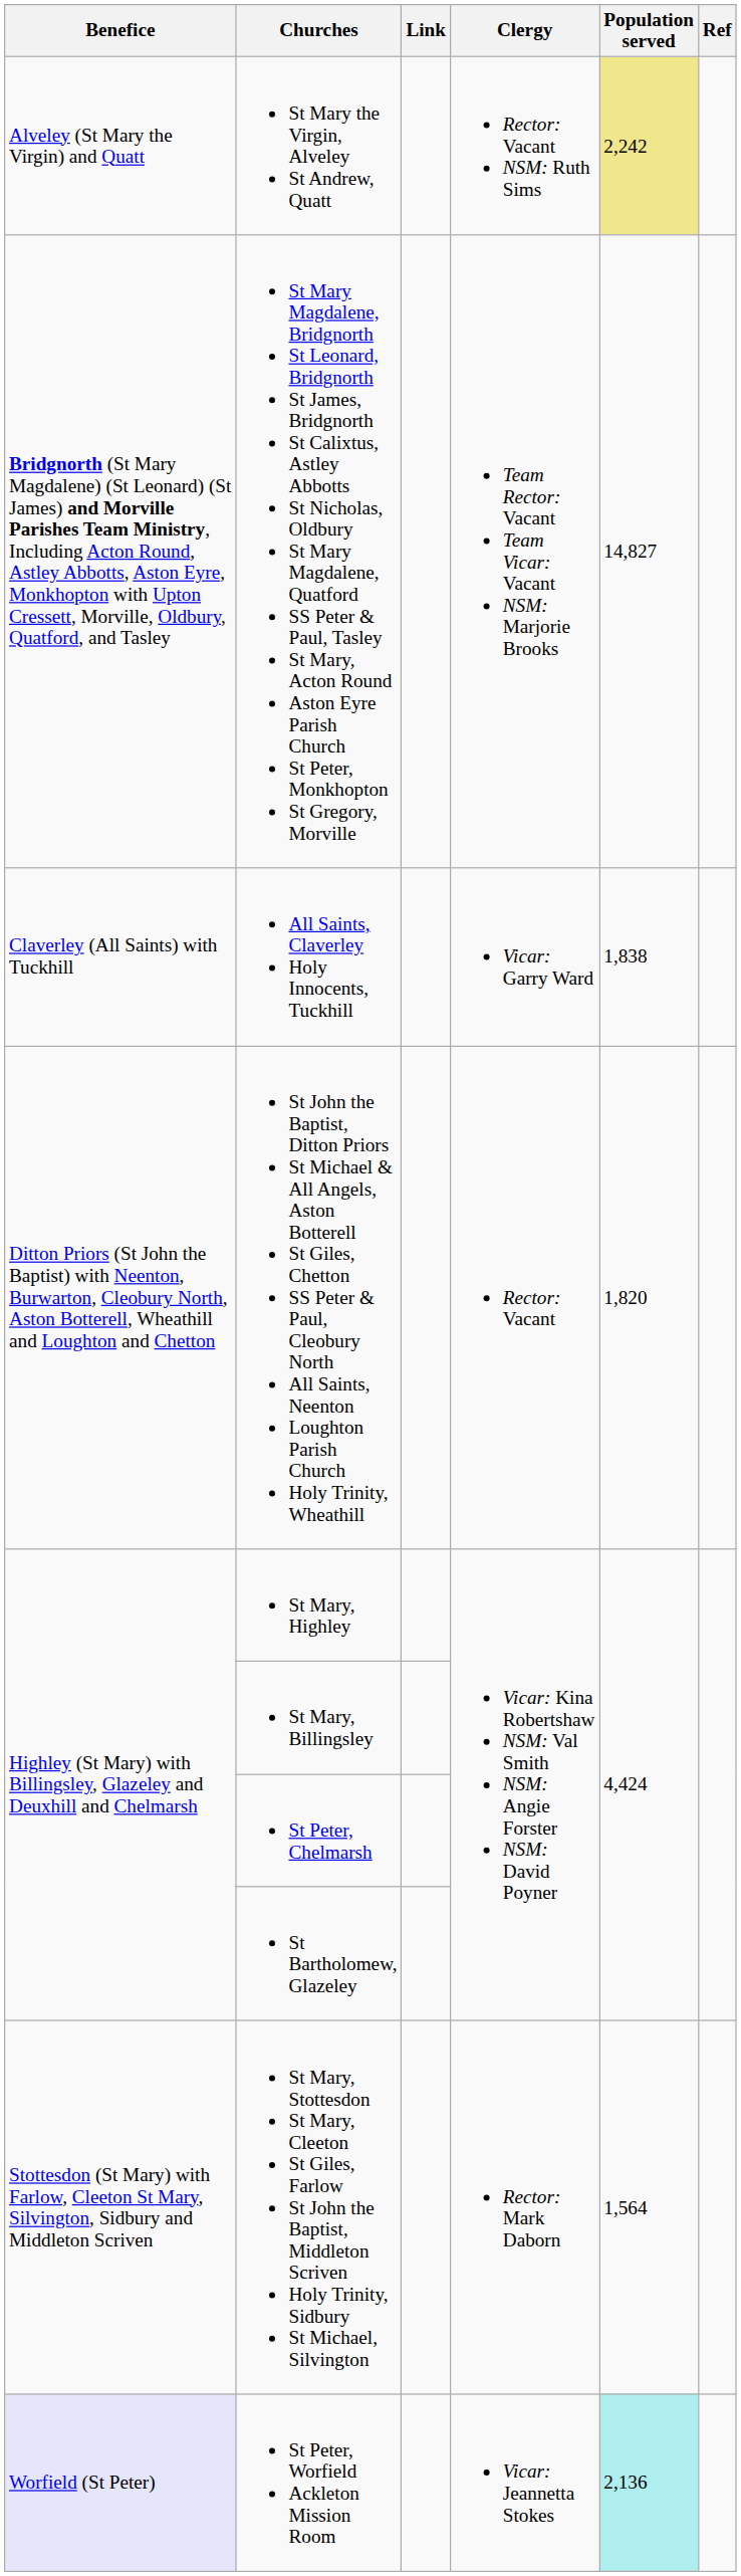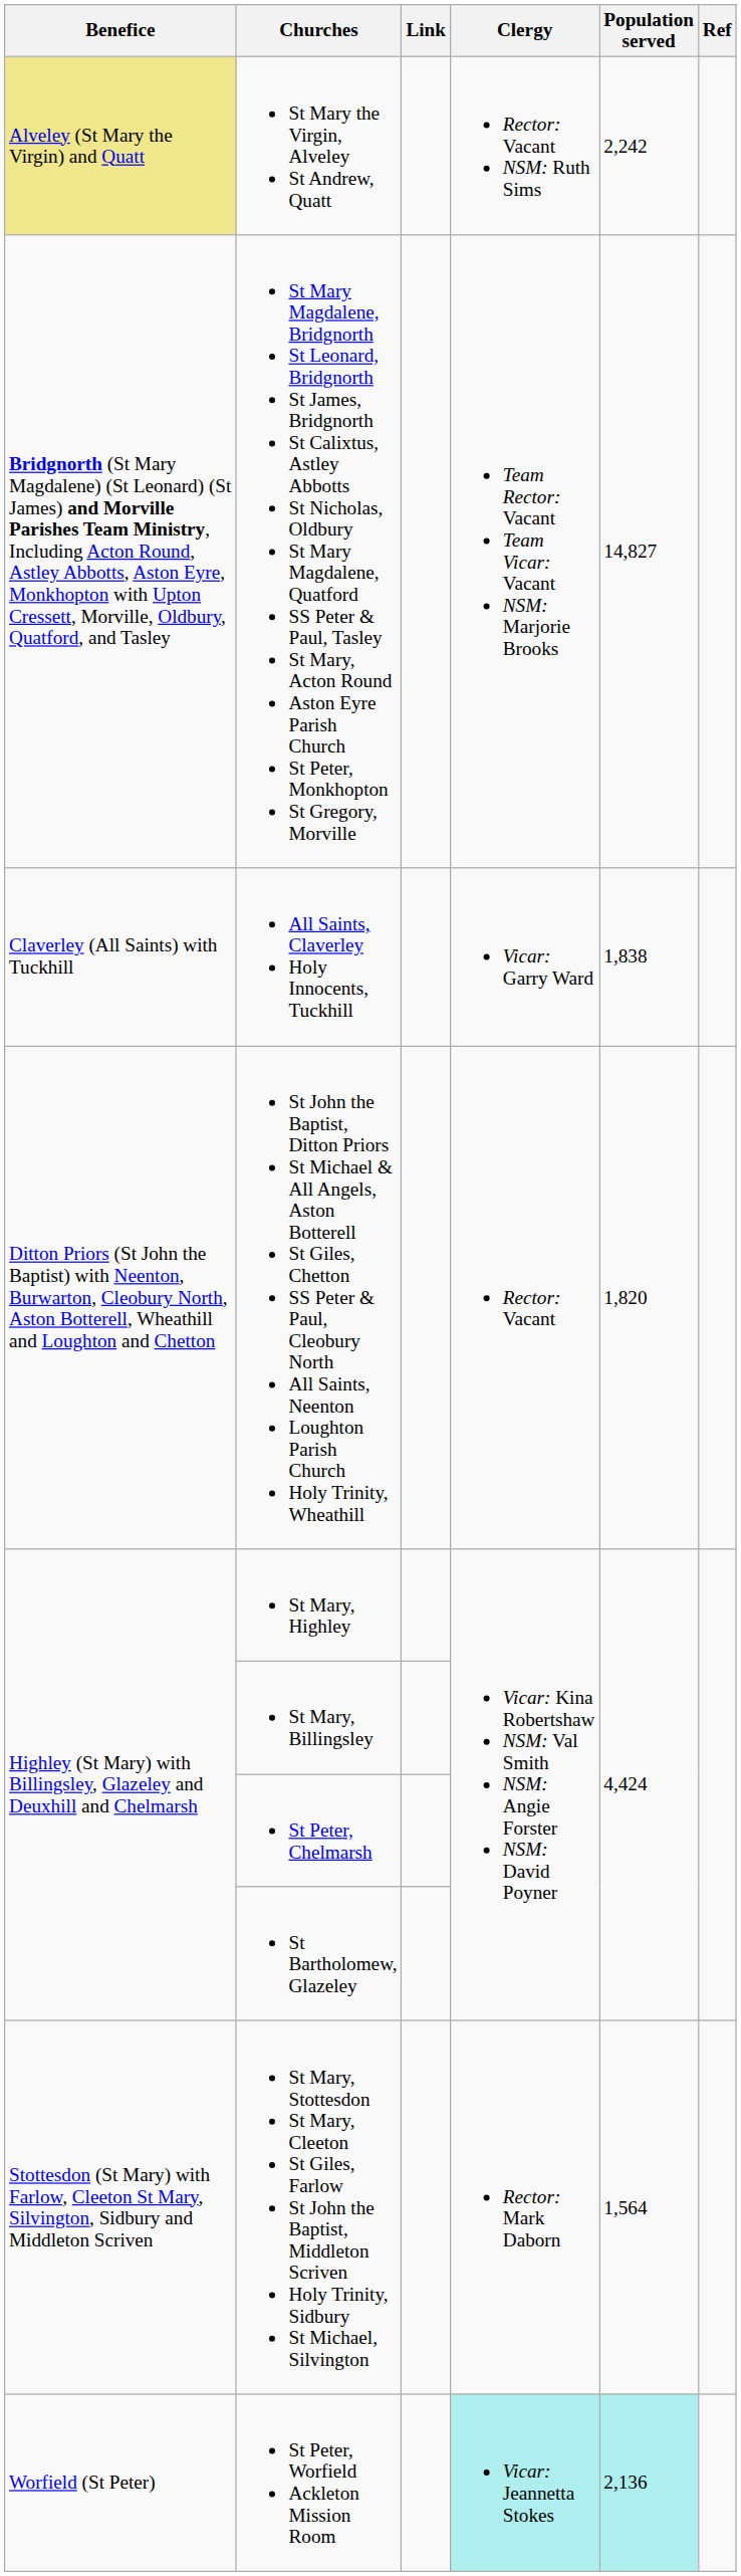 <table class="wikitable">
 <tr>
 <th width="425">Benefice</th>
 <th>Churches</th>
 <th>Link</th>
 <th>Clergy</th>
 <th>Population served</th>
 <th>Ref</th>
 </tr>
 <tr>
-<td><a href='#'>Alveley</a> (St Mary the Virgin) and <a href='#'>Quatt</a></td>
+<td style="background: khaki;"><a href='#'>Alveley</a> (St Mary the Virgin) and <a href='#'>Quatt</a></td>
 <td><br><ul><li>St Mary the Virgin, Alveley</li><li>St Andrew, Quatt</li></ul></td>
 <td></td>
 <td><br><ul><li><em>Rector:</em> Vacant</li><li><em>NSM:</em> Ruth Sims</li></ul></td>
-<td style="background: khaki;">2,242</td>
+<td>2,242</td>
 <td></td>
 </tr>
 <tr>
 <td><strong><a href='#'>Bridgnorth</a></strong> (St Mary Magdalene) (St Leonard) (St James) <strong>and Morville Parishes Team Ministry</strong>, Including <a href='#'>Acton Round</a>, <a href='#'>Astley Abbotts</a>, <a href='#'>Aston Eyre</a>, <a href='#'>Monkhopton</a> with <a href='#'>Upton Cressett</a>, Morville, <a href='#'>Oldbury</a>, <a href='#'>Quatford</a>, and Tasley</td>
 <td><br><ul><li><a href='#'>St Mary Magdalene, Bridgnorth</a></li><li><a href='#'>St Leonard, Bridgnorth</a></li><li>St James, Bridgnorth</li><li>St Calixtus, Astley Abbotts</li><li>St Nicholas, Oldbury</li><li>St Mary Magdalene, Quatford</li><li>SS Peter & Paul, Tasley</li><li>St Mary, Acton Round</li><li>Aston Eyre Parish Church</li><li>St Peter, Monkhopton</li><li>St Gregory, Morville</li></ul></td>
 <td></td>
 <td><br><ul><li><em>Team Rector:</em> Vacant</li><li><em>Team Vicar:</em> Vacant</li><li><em>NSM:</em> Marjorie Brooks</li></ul></td>
 <td>14,827</td>
 <td></td>
 </tr>
 <tr>
 <td><a href='#'>Claverley</a> (All Saints) with Tuckhill</td>
 <td><br><ul><li><a href='#'>All Saints, Claverley</a></li><li>Holy Innocents, Tuckhill</li></ul></td>
 <td></td>
 <td><br><ul><li><em>Vicar:</em> Garry Ward</li></ul></td>
 <td>1,838</td>
 <td></td>
 </tr>
 <tr>
 <td><a href='#'>Ditton Priors</a> (St John the Baptist) with <a href='#'>Neenton</a>, <a href='#'>Burwarton</a>, <a href='#'>Cleobury North</a>, <a href='#'>Aston Botterell</a>, Wheathill and <a href='#'>Loughton</a> and <a href='#'>Chetton</a></td>
 <td><br><ul><li>St John the Baptist, Ditton Priors</li><li>St Michael & All Angels, Aston Botterell</li><li>St Giles, Chetton</li><li>SS Peter & Paul, Cleobury North</li><li>All Saints, Neenton</li><li>Loughton Parish Church</li><li>Holy Trinity, Wheathill</li></ul></td>
 <td></td>
 <td><br><ul><li><em>Rector:</em> Vacant</li></ul></td>
 <td>1,820</td>
 <td></td>
 </tr>
 <tr>
 <td rowspan="4"><a href='#'>Highley</a> (St Mary) with <a href='#'>Billingsley</a>, <a href='#'>Glazeley</a> and <a href='#'>Deuxhill</a> and <a href='#'>Chelmarsh</a></td>
 <td><br><ul><li>St Mary, Highley</li></ul></td>
 <td></td>
 <td rowspan="4"><br><ul><li><em>Vicar:</em> Kina Robertshaw</li><li><em>NSM:</em> Val Smith</li><li><em>NSM:</em> Angie Forster</li><li><em>NSM:</em> David Poyner</li></ul></td>
 <td rowspan="4">4,424</td>
 <td rowspan="4"></td>
 </tr>
 <tr>
 <td><br><ul><li>St Mary, Billingsley</li></ul></td>
 <td></td>
 </tr>
 <tr>
 <td><br><ul><li><a href='#'>St Peter, Chelmarsh</a></li></ul></td>
 <td></td>
 </tr>
 <tr>
 <td><br><ul><li>St Bartholomew, Glazeley</li></ul></td>
 <td></td>
 </tr>
 <tr>
 <td><a href='#'>Stottesdon</a> (St Mary) with <a href='#'>Farlow</a>, <a href='#'>Cleeton St Mary</a>, <a href='#'>Silvington</a>, Sidbury and Middleton Scriven</td>
 <td><br><ul><li>St Mary, Stottesdon</li><li>St Mary, Cleeton</li><li>St Giles, Farlow</li><li>St John the Baptist, Middleton Scriven</li><li>Holy Trinity, Sidbury</li><li>St Michael, Silvington</li></ul></td>
 <td></td>
 <td><br><ul><li><em>Rector:</em> Mark Daborn</li></ul></td>
 <td>1,564</td>
 <td></td>
 </tr>
 <tr>
-<td style="background: lavender;"><a href='#'>Worfield</a> (St Peter)</td>
+<td><a href='#'>Worfield</a> (St Peter)</td>
 <td><br><ul><li>St Peter, Worfield</li><li>Ackleton Mission Room</li></ul></td>
 <td></td>
-<td><br><ul><li><em>Vicar:</em> Jeannetta Stokes</li></ul></td>
+<td style="background: paleturquoise;"><br><ul><li><em>Vicar:</em> Jeannetta Stokes</li></ul></td>
 <td style="background: paleturquoise;">2,136</td>
 <td></td>
 </tr>
 </table>
